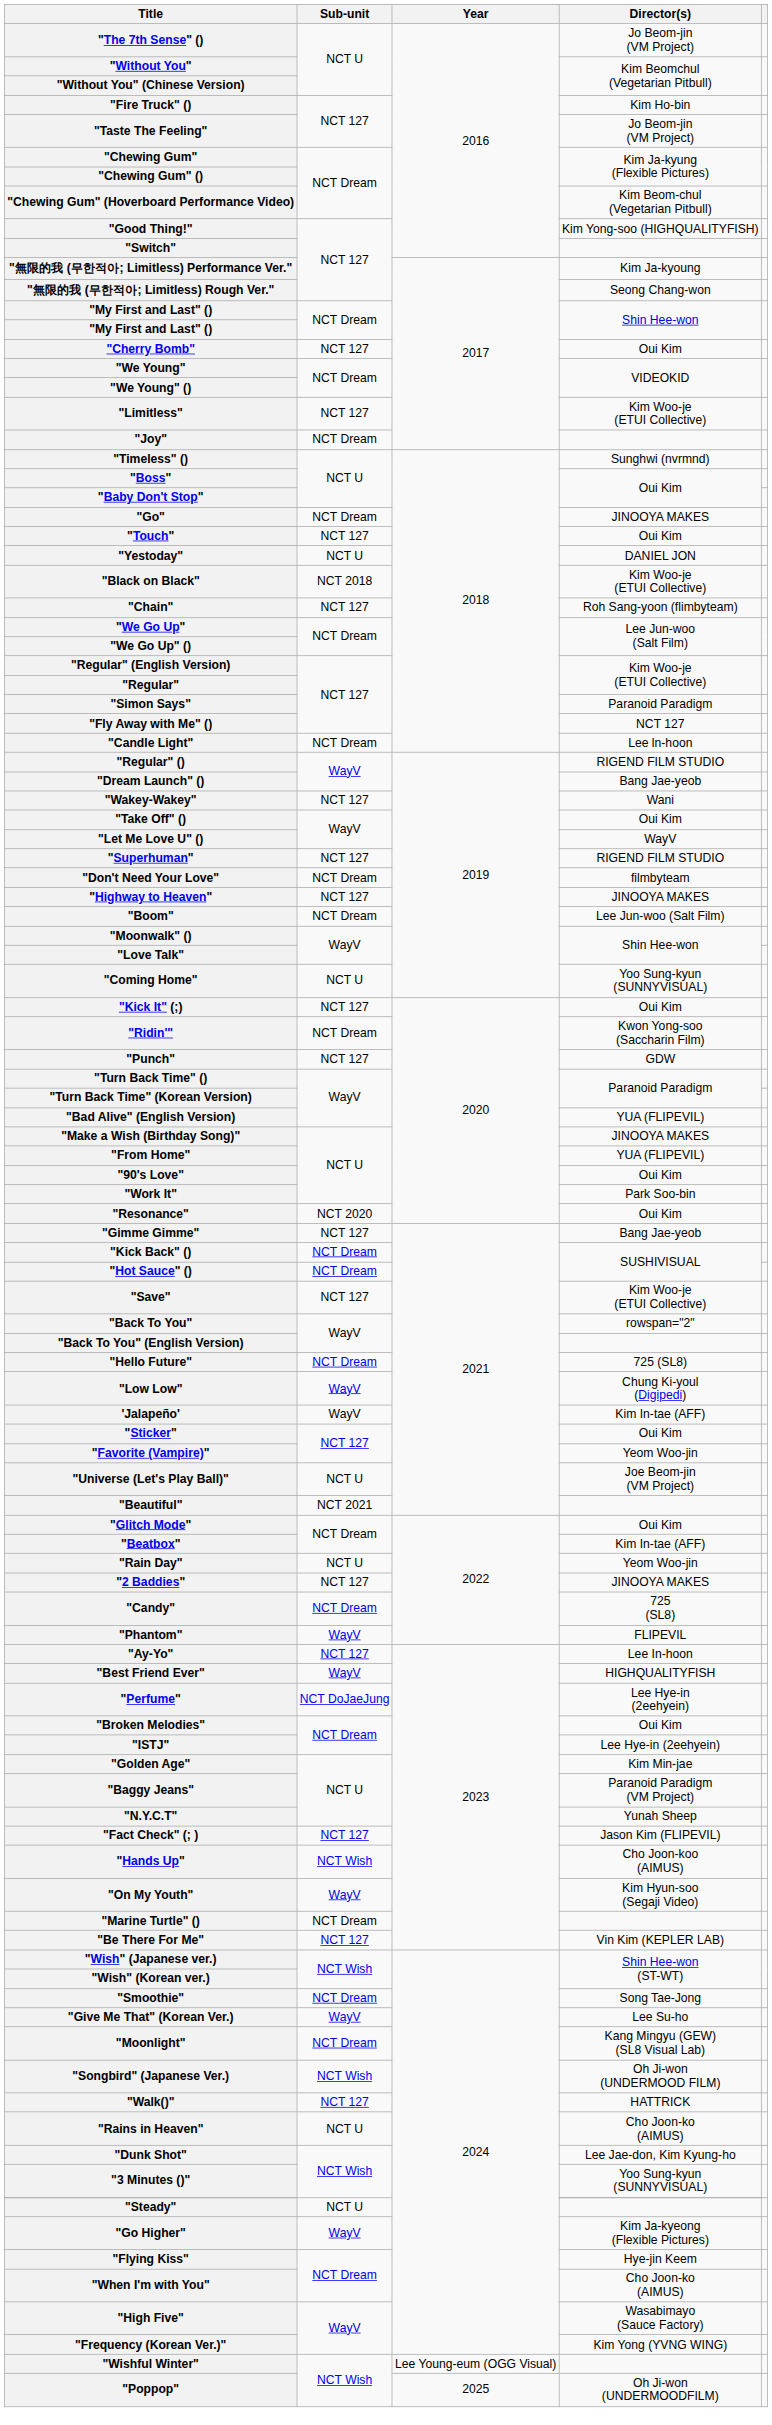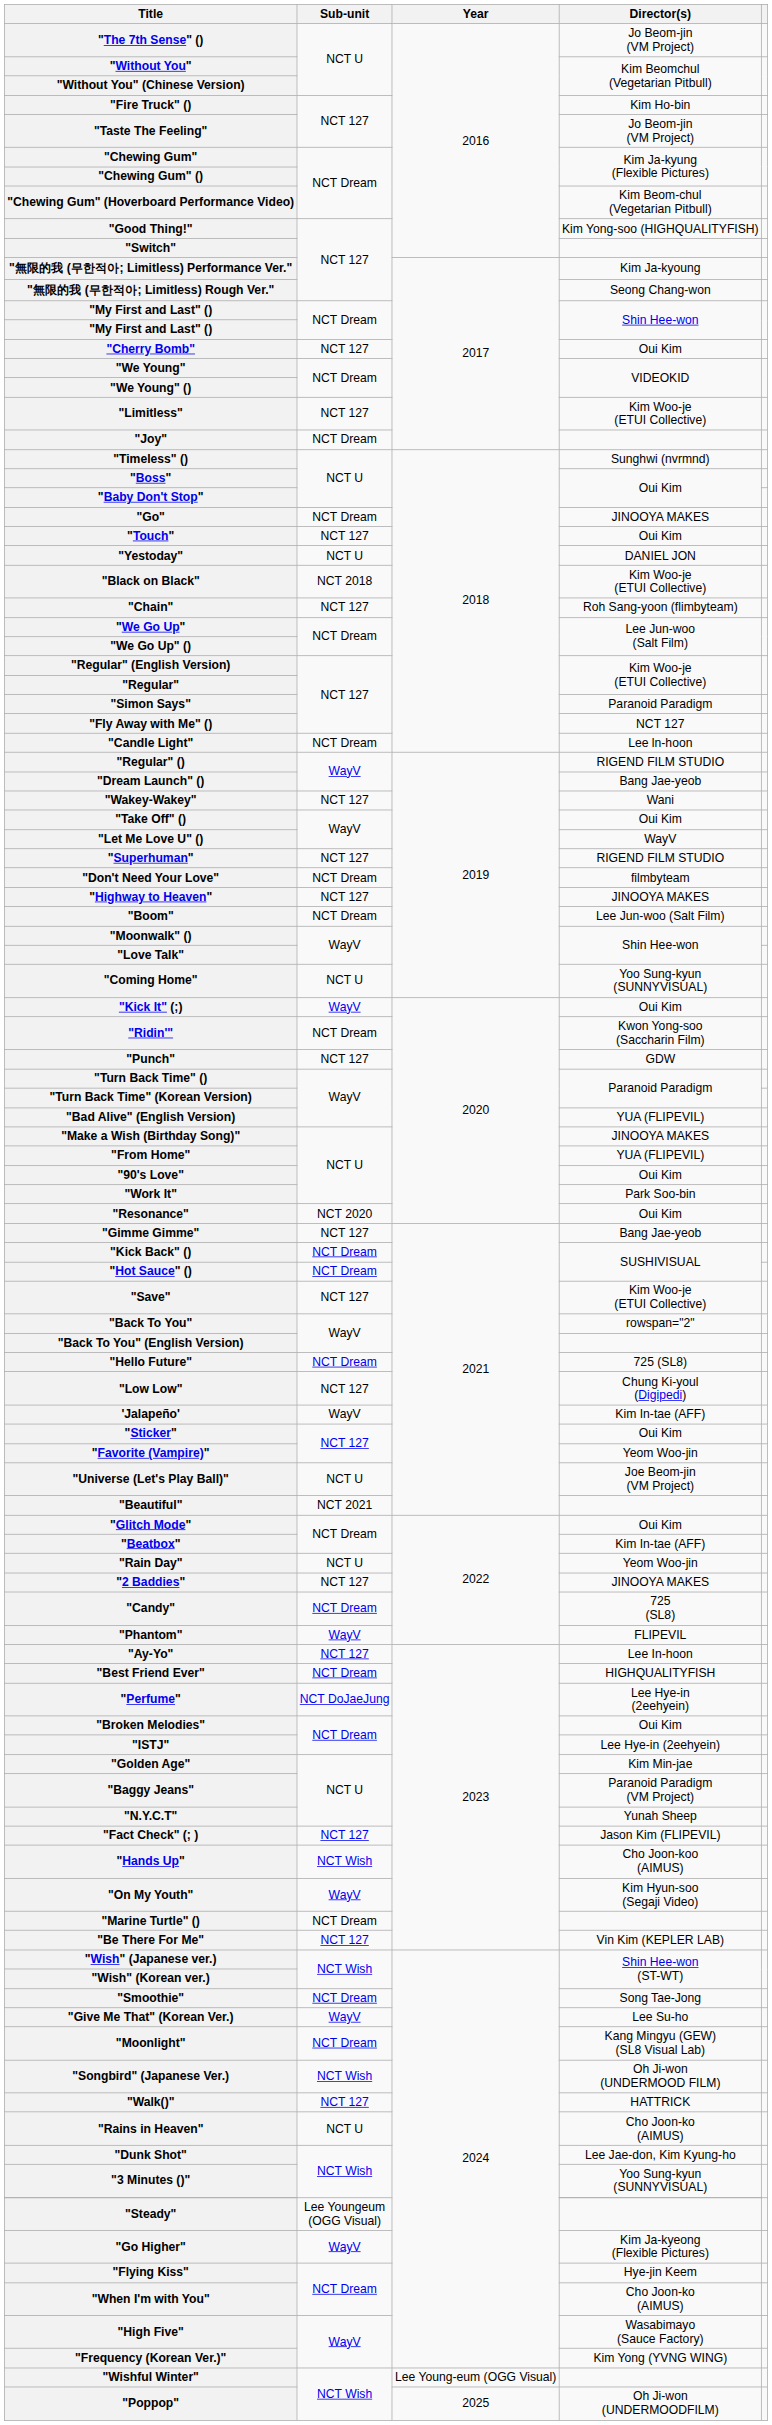 <table class="wikitable sortable plainrowheaders" style="text-align:center;">
 <tr>
 <th scope="col">Title</th>
 <th scope="col">Sub-unit</th>
 <th scope="col">Year</th>
 <th scope="col">Director(s)</th>
 <th scope="col"></th>
 </tr>
 <tr>
 <th scope="row">"<a href='#'>The 7th Sense</a>" ()</th>
 <td rowspan="3">NCT U</td>
 <td rowspan="10">2016</td>
 <td>Jo Beom-jin<br>(VM Project)</td>
 <td></td>
 </tr>
 <tr>
 <th scope="row">"<a href='#'>Without You</a>"</th>
 <td rowspan="2">Kim Beomchul<br>(Vegetarian Pitbull)</td>
 <td rowspan="2"></td>
 </tr>
 <tr>
 <th scope="row">"Without You" (Chinese Version)</th>
 </tr>
 <tr>
 <th scope="row">"Fire Truck" ()</th>
 <td rowspan="2">NCT 127</td>
 <td>Kim Ho-bin</td>
 <td></td>
 </tr>
 <tr>
 <th scope="row">"Taste The Feeling"</th>
 <td>Jo Beom-jin<br>(VM Project)</td>
 <td></td>
 </tr>
 <tr>
 <th scope="row">"Chewing Gum"</th>
 <td rowspan="3">NCT Dream</td>
 <td rowspan="2">Kim Ja-kyung<br>(Flexible Pictures)</td>
 <td rowspan="2"></td>
 </tr>
 <tr>
 <th scope="row">"Chewing Gum" ()</th>
 </tr>
 <tr>
 <th scope="row">"Chewing Gum" (Hoverboard Performance Video)</th>
 <td>Kim Beom-chul<br>(Vegetarian Pitbull)</td>
 <td></td>
 </tr>
 <tr>
 <th scope="row">"Good Thing!"</th>
 <td rowspan="4">NCT 127</td>
 <td>Kim Yong-soo (HIGHQUALITYFISH)</td>
 <td></td>
 </tr>
 <tr>
 <th scope="row">"Switch"</th>
 <td></td>
 <td></td>
 </tr>
 <tr>
 <th scope="row">"無限的我 (무한적아; Limitless) Performance Ver."</th>
 <td rowspan="9">2017</td>
 <td>Kim Ja-kyoung</td>
 <td></td>
 </tr>
 <tr>
 <th scope="row">"無限的我 (무한적아; Limitless) Rough Ver."</th>
 <td>Seong Chang-won</td>
 <td></td>
 </tr>
 <tr>
 <th scope="row">"My First and Last" ()</th>
 <td rowspan="2">NCT Dream</td>
 <td rowspan="2"><a href='#'>Shin Hee-won</a></td>
 <td rowspan="2"></td>
 </tr>
 <tr>
 <th scope="row">"My First and Last" ()</th>
 </tr>
 <tr>
 <th scope="row"><a href='#'>"Cherry Bomb"</a></th>
 <td>NCT 127</td>
 <td>Oui Kim</td>
 <td></td>
 </tr>
 <tr>
 <th scope="row">"We Young"</th>
 <td rowspan="2">NCT Dream</td>
 <td rowspan="2">VIDEOKID</td>
 <td rowspan="2"></td>
 </tr>
 <tr>
 <th scope="row">"We Young" ()</th>
 </tr>
 <tr>
 <th scope="row">"Limitless"</th>
 <td>NCT 127</td>
 <td>Kim Woo-je<br>(ETUI Collective)</td>
 <td></td>
 </tr>
 <tr>
 <th scope="row">"Joy"</th>
 <td>NCT Dream</td>
 <td></td>
 <td></td>
 </tr>
 <tr>
 <th scope="row">"Timeless" ()</th>
 <td rowspan="3">NCT U</td>
 <td rowspan="15">2018</td>
 <td>Sunghwi (nvrmnd)</td>
 <td></td>
 </tr>
 <tr>
 <th scope="row">"<a href='#'>Boss</a>"</th>
 <td rowspan="2">Oui Kim</td>
 <td></td>
 </tr>
 <tr>
 <th scope="row">"<a href='#'>Baby Don't Stop</a>"</th>
 <td></td>
 </tr>
 <tr>
 <th scope="row">"Go"</th>
 <td>NCT Dream</td>
 <td>JINOOYA MAKES</td>
 <td></td>
 </tr>
 <tr>
 <th scope="row">"<a href='#'>Touch</a>"</th>
 <td>NCT 127</td>
 <td>Oui Kim</td>
 <td></td>
 </tr>
 <tr>
 <th scope="row">"Yestoday"</th>
 <td>NCT U</td>
 <td>DANIEL JON</td>
 <td></td>
 </tr>
 <tr>
 <th scope="row">"Black on Black"</th>
 <td>NCT 2018</td>
 <td>Kim Woo-je<br>(ETUI Collective)</td>
 <td></td>
 </tr>
 <tr>
 <th scope="row">"Chain"</th>
 <td>NCT 127</td>
 <td>Roh Sang-yoon (flimbyteam)</td>
 <td></td>
 </tr>
 <tr>
 <th scope="row">"<a href='#'>We Go Up</a>"</th>
 <td rowspan="2">NCT Dream</td>
 <td rowspan="2">Lee Jun-woo<br>(Salt Film)</td>
 <td rowspan="2"></td>
 </tr>
 <tr>
 <th scope="row">"We Go Up" ()</th>
 </tr>
 <tr>
 <th scope="row">"Regular" (English Version)</th>
 <td rowspan="4">NCT 127</td>
 <td rowspan="2">Kim Woo-je<br>(ETUI Collective)</td>
 <td rowspan="2"></td>
 </tr>
 <tr>
 <th scope="row">"Regular"</th>
 </tr>
 <tr>
 <th scope="row">"Simon Says"</th>
 <td>Paranoid Paradigm</td>
 <td></td>
 </tr>
 <tr>
 <th scope="row">"Fly Away with Me" ()</th>
 <td>NCT 127</td>
 <td></td>
 </tr>
 <tr>
 <th scope="row">"Candle Light"</th>
 <td>NCT Dream</td>
 <td>Lee ln-hoon</td>
 <td></td>
 </tr>
 <tr>
 <th scope="row">"Regular" ()</th>
 <td rowspan="2"><a href='#'>WayV</a></td>
 <td rowspan="12">2019</td>
 <td>RIGEND FILM STUDIO</td>
 <td></td>
 </tr>
 <tr>
 <th scope="row">"Dream Launch" ()</th>
 <td>Bang Jae-yeob</td>
 <td></td>
 </tr>
 <tr>
 <th scope="row">"Wakey-Wakey"</th>
 <td>NCT 127</td>
 <td>Wani</td>
 <td></td>
 </tr>
 <tr>
 <th scope="row">"Take Off" ()</th>
 <td rowspan="2">WayV</td>
 <td>Oui Kim</td>
 <td></td>
 </tr>
 <tr>
 <th scope="row">"Let Me Love U" ()</th>
 <td>WayV</td>
 <td></td>
 </tr>
 <tr>
 <th scope="row">"<a href='#'>Superhuman</a>"</th>
 <td>NCT 127</td>
 <td>RIGEND FILM STUDIO</td>
 <td></td>
 </tr>
 <tr>
 <th scope="row">"Don't Need Your Love"</th>
 <td>NCT Dream</td>
 <td>filmbyteam</td>
 <td></td>
 </tr>
 <tr>
 <th scope="row">"<a href='#'>Highway to Heaven</a>"</th>
 <td>NCT 127</td>
 <td>JINOOYA MAKES</td>
 <td></td>
 </tr>
 <tr>
 <th scope="row">"Boom"</th>
 <td>NCT Dream</td>
 <td>Lee Jun-woo (Salt Film)</td>
 <td></td>
 </tr>
 <tr>
 <th scope="row">"Moonwalk" ()</th>
 <td rowspan="2">WayV</td>
 <td rowspan="2">Shin Hee-won</td>
 <td></td>
 </tr>
 <tr>
 <th scope="row">"Love Talk"</th>
 <td></td>
 </tr>
 <tr>
 <th scope="row">"Coming Home"</th>
 <td>NCT U</td>
 <td>Yoo Sung-kyun<br>(SUNNYVISUAL)</td>
 <td></td>
 </tr>
 <tr>
 <th scope="row"><a href='#'>"Kick It"</a> (;)</th>
-<td>NCT 127</td>
+<td><a href='#'>WayV</a></td>
 <td rowspan="11">2020</td>
 <td>Oui Kim</td>
 <td></td>
 </tr>
 <tr>
 <th scope="row"><a href='#'>"Ridin'"</a></th>
 <td>NCT Dream</td>
 <td>Kwon Yong-soo<br>(Saccharin Film)</td>
 <td></td>
 </tr>
 <tr>
 <th scope="row">"Punch"</th>
 <td>NCT 127</td>
 <td>GDW</td>
 <td></td>
 </tr>
 <tr>
 <th scope="row">"Turn Back Time" ()</th>
 <td rowspan="3">WayV</td>
 <td rowspan="2">Paranoid Paradigm</td>
 <td></td>
 </tr>
 <tr>
 <th scope="row">"Turn Back Time" (Korean Version)</th>
 <td></td>
 </tr>
 <tr>
 <th scope="row">"Bad Alive" (English Version)</th>
 <td>YUA (FLIPEVIL)</td>
 <td></td>
 </tr>
 <tr>
 <th scope="row">"Make a Wish (Birthday Song)"</th>
 <td rowspan="4">NCT U</td>
 <td>JINOOYA MAKES</td>
 <td></td>
 </tr>
 <tr>
 <th scope="row">"From Home"</th>
 <td>YUA (FLIPEVIL)</td>
 <td></td>
 </tr>
 <tr>
 <th scope="row">"90's Love"</th>
 <td>Oui Kim</td>
 <td></td>
 </tr>
 <tr>
 <th scope="row">"Work It"</th>
 <td>Park Soo-bin</td>
 <td></td>
 </tr>
 <tr>
 <th scope="row">"Resonance"</th>
 <td>NCT 2020</td>
 <td>Oui Kim</td>
 <td></td>
 </tr>
 <tr>
 <th scope="row">"Gimme Gimme"</th>
 <td>NCT 127</td>
 <td rowspan="13">2021</td>
 <td>Bang Jae-yeob</td>
 <td></td>
 </tr>
 <tr>
 <th scope="row">"Kick Back" ()</th>
 <td><a href='#'>NCT Dream</a></td>
 <td rowspan="2">SUSHIVISUAL</td>
 <td></td>
 </tr>
 <tr>
 <th scope="row">"<a href='#'>Hot Sauce</a>" ()</th>
 <td><a href='#'>NCT Dream</a></td>
 <td></td>
 </tr>
 <tr>
 <th scope="row">"Save"</th>
 <td>NCT 127</td>
 <td>Kim Woo-je<br>(ETUI Collective)</td>
 <td></td>
 </tr>
 <tr>
 <th scope="row">"Back To You"</th>
 <td rowspan="2">WayV</td>
 <td>rowspan="2" </td>
 <td></td>
 </tr>
 <tr>
 <th scope="row">"Back To You" (English Version)</th>
 <td></td>
 </tr>
 <tr>
 <th scope="row">"Hello Future"</th>
 <td><a href='#'>NCT Dream</a></td>
 <td>725 (SL8)</td>
 <td></td>
 </tr>
 <tr>
 <th scope="row">"Low Low"</th>
-<td><a href='#'>WayV</a></td>
+<td>NCT 127</td>
 <td>Chung Ki-youl<br>(<a href='#'>Digipedi</a>)</td>
 <td></td>
 </tr>
 <tr>
 <th scope="row">'Jalapeño'</th>
 <td>WayV</td>
 <td>Kim In-tae (AFF)</td>
 <td></td>
 </tr>
 <tr>
 <th scope="row">"<a href='#'>Sticker</a>"</th>
 <td rowspan="2"><a href='#'>NCT 127</a></td>
 <td>Oui Kim</td>
 <td></td>
 </tr>
 <tr>
 <th scope="row">"<a href='#'>Favorite (Vampire)</a>"</th>
 <td>Yeom Woo-jin</td>
 <td></td>
 </tr>
 <tr>
 <th scope="row">"Universe (Let's Play Ball)"</th>
 <td>NCT U</td>
 <td>Joe Beom-jin<br>(VM Project)</td>
 <td></td>
 </tr>
 <tr>
 <th scope="row">"Beautiful"</th>
 <td>NCT 2021</td>
 <td></td>
 <td></td>
 </tr>
 <tr>
 <th scope="row">"<a href='#'>Glitch Mode</a>"</th>
 <td rowspan="2">NCT Dream</td>
 <td rowspan="6">2022</td>
 <td>Oui Kim</td>
 <td></td>
 </tr>
 <tr>
 <th scope="row">"<a href='#'>Beatbox</a>"</th>
 <td>Kim In-tae (AFF)</td>
 <td></td>
 </tr>
 <tr>
 <th scope="row">"Rain Day"</th>
 <td>NCT U</td>
 <td>Yeom Woo-jin</td>
 <td></td>
 </tr>
 <tr>
 <th scope="row">"<a href='#'>2 Baddies</a>"</th>
 <td>NCT 127</td>
 <td>JINOOYA MAKES</td>
 <td></td>
 </tr>
 <tr>
 <th scope="row">"Candy"</th>
 <td><a href='#'>NCT Dream</a></td>
 <td>725<br>(SL8)</td>
 <td></td>
 </tr>
 <tr>
 <th scope="row">"Phantom"</th>
 <td><a href='#'>WayV</a></td>
 <td>FLIPEVIL</td>
 <td></td>
 </tr>
 <tr>
 <th scope="row">"Ay-Yo"</th>
 <td><a href='#'>NCT 127</a></td>
 <td rowspan="13">2023</td>
 <td>Lee In-hoon</td>
 <td></td>
 </tr>
 <tr>
 <th scope="row">"Best Friend Ever"</th>
-<td><a href='#'>WayV</a></td>
+<td><a href='#'>NCT Dream</a></td>
 <td>HIGHQUALITYFISH</td>
 <td></td>
 </tr>
 <tr>
 <th scope="row">"<a href='#'>Perfume</a>"</th>
 <td><a href='#'>NCT DoJaeJung</a></td>
 <td>Lee Hye-in<br>(2eehyein)</td>
 <td></td>
 </tr>
 <tr>
 <th scope="row">"Broken Melodies"</th>
 <td rowspan="2"><a href='#'>NCT Dream</a></td>
 <td>Oui Kim</td>
 <td></td>
 </tr>
 <tr>
 <th scope="row">"ISTJ"</th>
 <td>Lee Hye-in (2eehyein)</td>
 <td></td>
 </tr>
 <tr>
 <th scope="row">"Golden Age"</th>
 <td rowspan="3">NCT U</td>
 <td>Kim Min-jae</td>
 <td></td>
 </tr>
 <tr>
 <th scope="row">"Baggy Jeans"</th>
 <td>Paranoid Paradigm<br>(VM Project)</td>
 <td></td>
 </tr>
 <tr>
 <th scope="row">"N.Y.C.T"</th>
 <td>Yunah Sheep</td>
 <td></td>
 </tr>
 <tr>
 <th scope="row">"Fact Check" (; )</th>
 <td><a href='#'>NCT 127</a></td>
 <td>Jason Kim (FLIPEVIL)</td>
 <td></td>
 </tr>
 <tr>
 <th scope="row">"<a href='#'>Hands Up</a>"</th>
 <td><a href='#'>NCT Wish</a></td>
 <td>Cho Joon-koo<br>(AIMUS)</td>
 <td></td>
 </tr>
 <tr>
 <th scope="row">"On My Youth"</th>
 <td><a href='#'>WayV</a></td>
 <td>Kim Hyun-soo<br>(Segaji Video)</td>
 <td></td>
 </tr>
 <tr>
 <th scope="row">"Marine Turtle" ()</th>
 <td>NCT Dream</td>
 <td></td>
 <td></td>
 </tr>
 <tr>
 <th scope="row">"Be There For Me"</th>
 <td><a href='#'>NCT 127</a></td>
 <td>Vin Kim (KEPLER LAB)</td>
 <td></td>
 </tr>
 <tr>
 <th scope="row">"<a href='#'>Wish</a>" (Japanese ver.)</th>
 <td rowspan="2"><a href='#'>NCT Wish</a></td>
 <td rowspan="17">2024</td>
 <td rowspan="2"><a href='#'>Shin Hee-won</a><br>(ST-WT)</td>
 <td rowspan="2"></td>
 </tr>
 <tr>
 <th scope="row">"Wish" (Korean ver.)</th>
 </tr>
 <tr>
 <th scope="row">"Smoothie"</th>
 <td><a href='#'>NCT Dream</a></td>
 <td>Song Tae-Jong</td>
 <td></td>
 </tr>
 <tr>
 <th scope="row">"Give Me That" (Korean Ver.)</th>
 <td><a href='#'>WayV</a></td>
 <td>Lee Su-ho</td>
 <td></td>
 </tr>
 <tr>
 <th scope="row">"Moonlight"</th>
 <td><a href='#'>NCT Dream</a></td>
 <td>Kang Mingyu (GEW)<br>(SL8 Visual Lab)</td>
 <td></td>
 </tr>
 <tr>
 <th scope="row">"Songbird" (Japanese Ver.)</th>
 <td><a href='#'>NCT Wish</a></td>
 <td>Oh Ji-won<br>(UNDERMOOD FILM)</td>
 <td></td>
 </tr>
 <tr>
 <th scope="row">"Walk()"</th>
 <td><a href='#'>NCT 127</a></td>
 <td>HATTRICK</td>
 <td></td>
 </tr>
 <tr>
 <th scope="row">"Rains in Heaven"</th>
 <td>NCT U</td>
 <td>Cho Joon-ko<br>(AIMUS)</td>
 <td></td>
 </tr>
 <tr>
 <th scope="row">"Dunk Shot"</th>
 <td rowspan="3"><a href='#'>NCT Wish</a></td>
 <td>Lee Jae-don, Kim Kyung-ho</td>
 <td></td>
 </tr>
 <tr>
 <th scope="row">"3 Minutes ()"</th>
 <td>Yoo Sung-kyun<br>(SUNNYVISUAL)</td>
 <td></td>
 </tr>
 <tr>
 </tr>
 <tr>
 <th scope="row">"Steady"</th>
-<td>NCT U</td>
+<td>Lee Youngeum<br>(OGG Visual)</td>
 <td></td>
 </tr>
 <tr>
 <th scope="row">"Go Higher"</th>
 <td><a href='#'>WayV</a></td>
 <td>Kim Ja-kyeong<br>(Flexible Pictures)</td>
 <td></td>
 </tr>
 <tr>
 <th scope="row">"Flying Kiss"</th>
 <td rowspan="2"><a href='#'>NCT Dream</a></td>
 <td>Hye-jin Keem</td>
 <td></td>
 </tr>
 <tr>
 <th scope="row">"When I'm with You"</th>
 <td>Cho Joon-ko<br>(AIMUS)</td>
 <td></td>
 </tr>
 <tr>
 <th scope="row">"High Five"</th>
 <td rowspan="2"><a href='#'>WayV</a></td>
 <td>Wasabimayo<br>(Sauce Factory)</td>
 <td></td>
 </tr>
 <tr>
 <th scope="row">"Frequency (Korean Ver.)"</th>
 <td>Kim Yong (YVNG WING)</td>
 <td></td>
 </tr>
 <tr>
 <th scope="row">"Wishful Winter"</th>
 <td rowspan="2"><a href='#'>NCT Wish</a></td>
 <td>Lee Young-eum (OGG Visual)</td>
 <td></td>
 </tr>
 <tr>
 <th scope="row">"Poppop"</th>
 <td>2025</td>
 <td>Oh Ji-won<br>(UNDERMOODFILM)</td>
 <td></td>
 </tr>
 </table>
